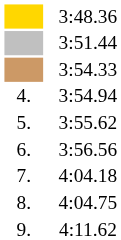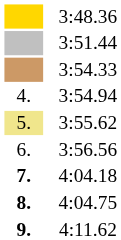 <table style="text-align:center">
 <tr>
 <td width=30 bgcolor=gold></td>
 <td align=left></td>
 <td width=60>3:48.36</td>
 </tr>
 <tr>
 <td bgcolor=silver></td>
 <td align=left></td>
 <td>3:51.44</td>
 </tr>
 <tr>
 <td bgcolor=cc9966></td>
 <td align=left></td>
 <td>3:54.33</td>
 </tr>
 <tr>
 <td>4.</td>
 <td align=left></td>
 <td>3:54.94</td>
 </tr>
 <tr>
-<td>5.</td>
+<td style="background: khaki;">5.</td>
 <td align=left></td>
 <td>3:55.62</td>
 </tr>
 <tr>
 <td>6.</td>
 <td align=left></td>
 <td>3:56.56</td>
 </tr>
 <tr>
-<td>7.</td>
+<td><strong>7.</strong></td>
 <td align=left></td>
 <td>4:04.18</td>
 </tr>
 <tr>
-<td>8.</td>
+<td><strong>8.</strong></td>
 <td align=left></td>
 <td>4:04.75</td>
 </tr>
 <tr>
-<td>9.</td>
+<td><strong>9.</strong></td>
 <td align=left></td>
 <td>4:11.62</td>
 </tr>
 </table>
